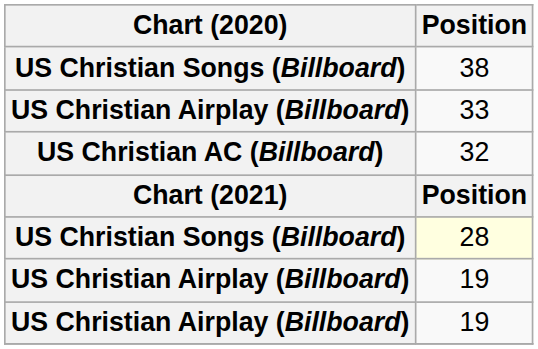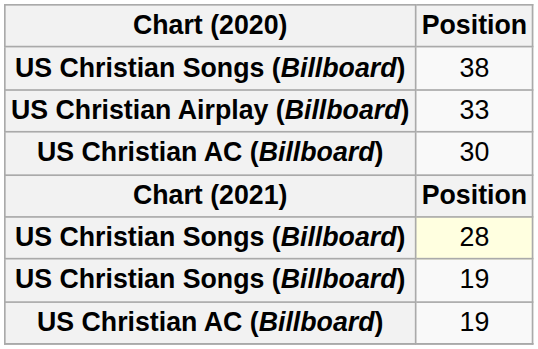 <table class="wikitable plainrowheaders" style="text-align:center">
 <tr>
 <th scope="col">Chart (2020)</th>
 <th scope="col">Position</th>
 </tr>
 <tr>
 <th scope="row">US Christian Songs (<em>Billboard</em>)</th>
 <td>38</td>
 </tr>
 <tr>
 <th scope="row">US Christian Airplay (<em>Billboard</em>)</th>
 <td>33</td>
 </tr>
 <tr>
 <th scope="row">US Christian AC (<em>Billboard</em>)</th>
-<td>32</td>
+<td>30</td>
 </tr>
 <tr>
 <th scope="col">Chart (2021)</th>
 <th scope="col">Position</th>
 </tr>
 <tr>
 <th scope="row">US Christian Songs (<em>Billboard</em>)</th>
 <td style="background: lightyellow;">28</td>
 </tr>
 <tr>
-<th scope="row">US Christian Airplay (<em>Billboard</em>)</th>
+<th scope="row">US Christian Songs (<em>Billboard</em>)</th>
 <td>19</td>
 </tr>
 <tr>
-<th scope="row">US Christian Airplay (<em>Billboard</em>)</th>
+<th scope="row">US Christian AC (<em>Billboard</em>)</th>
 <td>19</td>
 </tr>
 <tr>
 </tr>
 </table>
